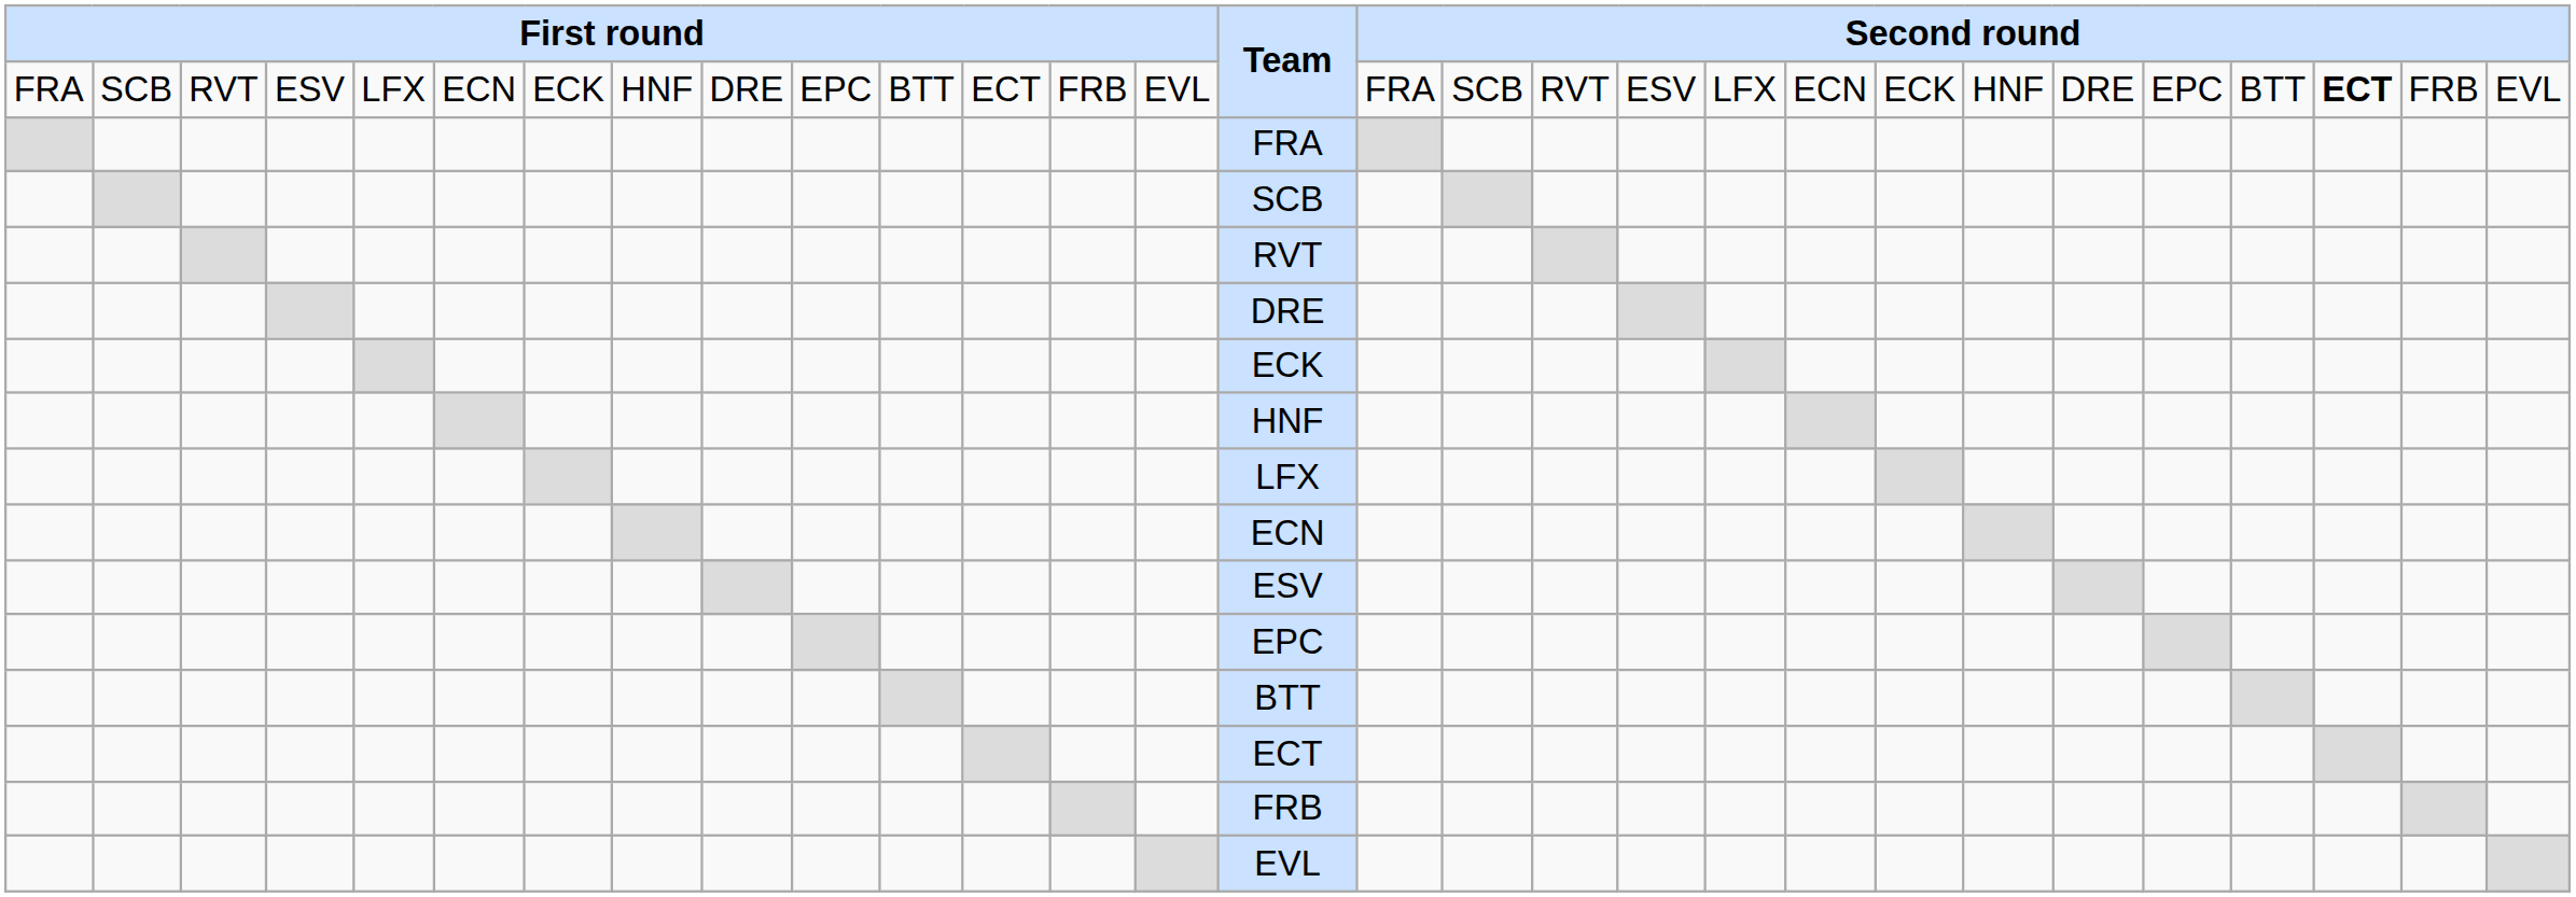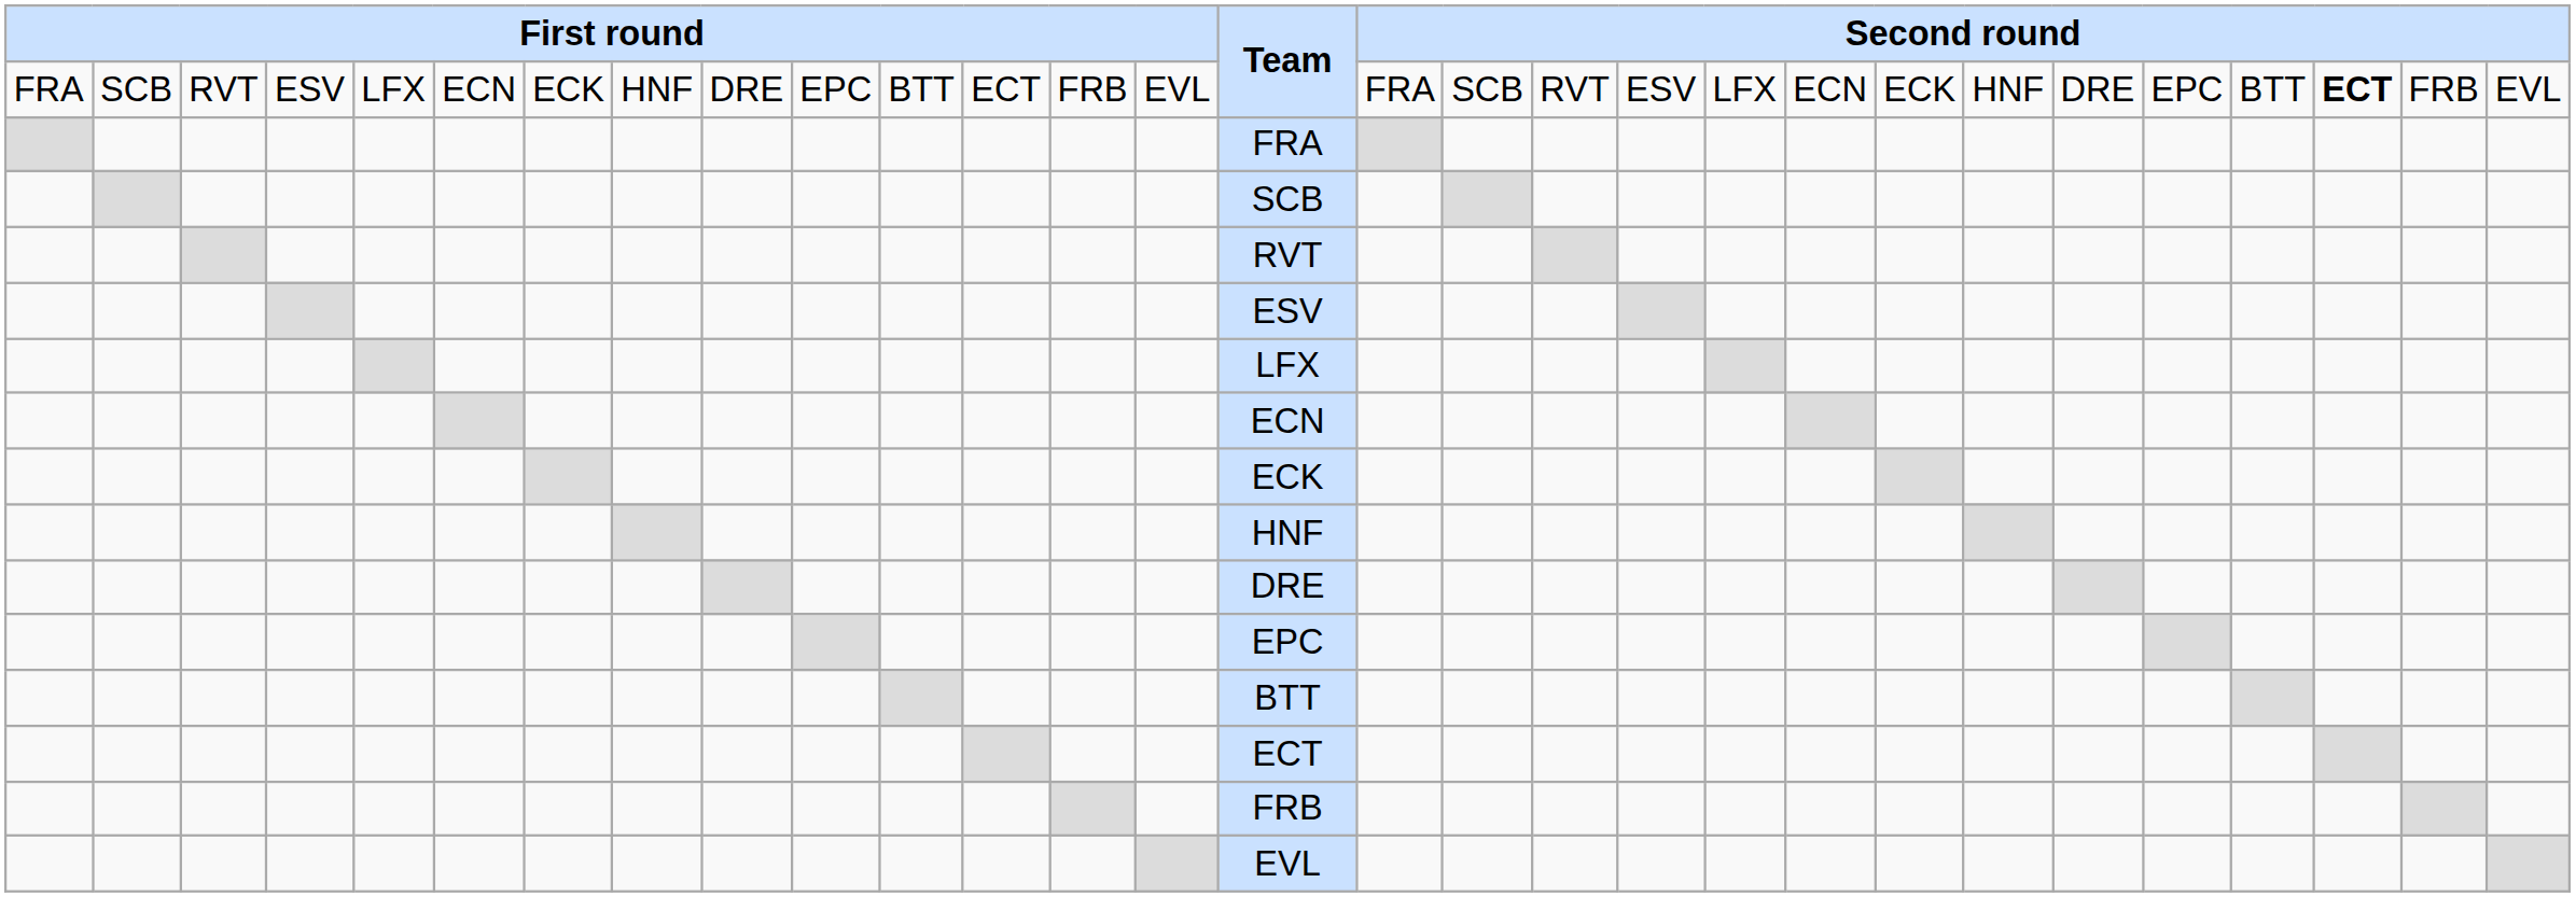 <table class="wikitable" style="text-align:center; font-size:90%;">
 <tr style="background:#CAE1FF">
 <td colspan="14" style="width:300px"><strong>First round</strong></td>
 <td style="width:50px" rowspan=2><strong>Team</strong></td>
 <td colspan="14" style="width:300px"><strong>Second round</strong></td>
 </tr>
 <tr>
 <td class="explain" title="Löwen Frankfurt">FRA</td>
 <td class="explain" title="Bietigheim Steelers">SCB</td>
 <td class="explain" title="Ravensburg Towerstars">RVT</td>
 <td class="explain" title="ESV Kaufbeuren">ESV</td>
 <td class="explain" title="Lausitzer Füchse">LFX</td>
 <td class="explain" title="EC Bad Nauheim">ECN</td>
 <td class="explain" title="EC Kassel Huskies">ECK</td>
 <td class="explain" title="Heilbronner Falken">HNF</td>
 <td class="explain" title="Dresdner Eislöwen">DRE</td>
 <td class="explain" title="Eispiraten Crimmitschau">EPC</td>
 <td class="explain" title="Bayreuth Tigers">BTT</td>
 <td class="explain" title="Tölzer Löwen">ECT</td>
 <td class="explain" title="EHC Freiburg">FRB</td>
 <td class="explain" title="EV Landshut">EVL</td>
 <td class="explain" title="Löwen Frankfurt">FRA</td>
 <td class="explain" title="Bietigheim Steelers">SCB</td>
 <td class="explain" title="Ravensburg Towerstars">RVT</td>
 <td class="explain" title="ESV Kaufbeuren">ESV</td>
 <td class="explain" title="Lausitzer Füchse">LFX</td>
 <td class="explain" title="EC Bad Nauheim">ECN</td>
 <td class="explain" title="EC Kassel Huskies">ECK</td>
 <td class="explain" title="Heilbronner Falken">HNF</td>
 <td class="explain" title="Dresdner Eislöwen">DRE</td>
 <td class="explain" title="Eispiraten Crimmitschau">EPC</td>
 <td class="explain" title="Bayreuth Tigers">BTT</td>
 <td class="explain" title="Tölzer Löwen"><strong>ECT</strong></td>
 <td class="explain" title="EHC Freiburg">FRB</td>
 <td class="explain" title="EV Landshut">EVL</td>
 </tr>
 <tr>
 <td style="background:#DCDCDC"></td>
 <td></td>
 <td></td>
 <td></td>
 <td></td>
 <td></td>
 <td></td>
 <td></td>
 <td></td>
 <td></td>
 <td></td>
 <td></td>
 <td></td>
 <td></td>
 <td style="background:#CAE1FF" class="explain" title="Löwen Frankfurt">FRA</td>
 <td style="background:#DCDCDC"></td>
 <td></td>
 <td></td>
 <td></td>
 <td></td>
 <td></td>
 <td></td>
 <td></td>
 <td></td>
 <td></td>
 <td></td>
 <td></td>
 <td></td>
 <td></td>
 </tr>
 <tr>
 <td></td>
 <td style="background:#DCDCDC"></td>
 <td></td>
 <td></td>
 <td></td>
 <td></td>
 <td></td>
 <td></td>
 <td></td>
 <td></td>
 <td></td>
 <td></td>
 <td></td>
 <td></td>
 <td style="background:#CAE1FF" class="explain" title="Bietigheim Steelers">SCB</td>
 <td></td>
 <td style="background:#DCDCDC"></td>
 <td></td>
 <td></td>
 <td></td>
 <td></td>
 <td></td>
 <td></td>
 <td></td>
 <td></td>
 <td></td>
 <td></td>
 <td></td>
 <td></td>
 </tr>
 <tr>
 <td></td>
 <td></td>
 <td style="background:#DCDCDC"></td>
 <td></td>
 <td></td>
 <td></td>
 <td></td>
 <td></td>
 <td></td>
 <td></td>
 <td></td>
 <td></td>
 <td></td>
 <td></td>
 <td style="background:#CAE1FF" class="explain" title="Ravensburg Towerstars">RVT</td>
 <td></td>
 <td></td>
 <td style="background:#DCDCDC"></td>
 <td></td>
 <td></td>
 <td></td>
 <td></td>
 <td></td>
 <td></td>
 <td></td>
 <td></td>
 <td></td>
 <td></td>
 <td></td>
 </tr>
 <tr>
 <td></td>
 <td></td>
 <td></td>
 <td style="background:#DCDCDC"></td>
 <td></td>
 <td></td>
 <td></td>
 <td></td>
 <td></td>
 <td></td>
 <td></td>
 <td></td>
 <td></td>
 <td></td>
-<td style="background:#CAE1FF" class="explain" title="Dresdner Eislöwen">DRE</td>
+<td style="background:#CAE1FF" class="explain" title="ESV Kaufbeuren">ESV</td>
 <td></td>
 <td></td>
 <td></td>
 <td style="background:#DCDCDC"></td>
 <td></td>
 <td></td>
 <td></td>
 <td></td>
 <td></td>
 <td></td>
 <td></td>
 <td></td>
 <td></td>
 <td></td>
 </tr>
 <tr>
 <td></td>
 <td></td>
 <td></td>
 <td></td>
 <td style="background:#DCDCDC"></td>
 <td></td>
 <td></td>
 <td></td>
 <td></td>
 <td></td>
 <td></td>
 <td></td>
 <td></td>
 <td></td>
-<td style="background:#CAE1FF" class="explain" title="EC Kassel Huskies">ECK</td>
+<td style="background:#CAE1FF" class="explain" title="Lausitzer Füchse">LFX</td>
 <td></td>
 <td></td>
 <td></td>
 <td></td>
 <td style="background:#DCDCDC"></td>
 <td></td>
 <td></td>
 <td></td>
 <td></td>
 <td></td>
 <td></td>
 <td></td>
 <td></td>
 <td></td>
 </tr>
 <tr>
 <td></td>
 <td></td>
 <td></td>
 <td></td>
 <td></td>
 <td style="background:#DCDCDC"></td>
 <td></td>
 <td></td>
 <td></td>
 <td></td>
 <td></td>
 <td></td>
 <td></td>
 <td></td>
-<td style="background:#CAE1FF" class="explain" title="Heilbronner Falken">HNF</td>
+<td style="background:#CAE1FF" class="explain" title="EC Bad Nauheim">ECN</td>
 <td></td>
 <td></td>
 <td></td>
 <td></td>
 <td></td>
 <td style="background:#DCDCDC"></td>
 <td></td>
 <td></td>
 <td></td>
 <td></td>
 <td></td>
 <td></td>
 <td></td>
 <td></td>
 </tr>
 <tr>
 <td></td>
 <td></td>
 <td></td>
 <td></td>
 <td></td>
 <td></td>
 <td style="background:#DCDCDC"></td>
 <td></td>
 <td></td>
 <td></td>
 <td></td>
 <td></td>
 <td></td>
 <td></td>
-<td style="background:#CAE1FF" class="explain" title="Lausitzer Füchse">LFX</td>
+<td style="background:#CAE1FF" class="explain" title="EC Kassel Huskies">ECK</td>
 <td></td>
 <td></td>
 <td></td>
 <td></td>
 <td></td>
 <td></td>
 <td style="background:#DCDCDC"></td>
 <td></td>
 <td></td>
 <td></td>
 <td></td>
 <td></td>
 <td></td>
 <td></td>
 </tr>
 <tr>
 <td></td>
 <td></td>
 <td></td>
 <td></td>
 <td></td>
 <td></td>
 <td></td>
 <td style="background:#DCDCDC"></td>
 <td></td>
 <td></td>
 <td></td>
 <td></td>
 <td></td>
 <td></td>
-<td style="background:#CAE1FF" class="explain" title="EC Bad Nauheim">ECN</td>
+<td style="background:#CAE1FF" class="explain" title="Heilbronner Falken">HNF</td>
 <td></td>
 <td></td>
 <td></td>
 <td></td>
 <td></td>
 <td></td>
 <td></td>
 <td style="background:#DCDCDC"></td>
 <td></td>
 <td></td>
 <td></td>
 <td></td>
 <td></td>
 <td></td>
 </tr>
 <tr>
 <td></td>
 <td></td>
 <td></td>
 <td></td>
 <td></td>
 <td></td>
 <td></td>
 <td></td>
 <td style="background:#DCDCDC"></td>
 <td></td>
 <td></td>
 <td></td>
 <td></td>
 <td></td>
-<td style="background:#CAE1FF" class="explain" title="ESV Kaufbeuren">ESV</td>
+<td style="background:#CAE1FF" class="explain" title="Dresdner Eislöwen">DRE</td>
 <td></td>
 <td></td>
 <td></td>
 <td></td>
 <td></td>
 <td></td>
 <td></td>
 <td></td>
 <td style="background:#DCDCDC"></td>
 <td></td>
 <td></td>
 <td></td>
 <td></td>
 <td></td>
 </tr>
 <tr>
 <td></td>
 <td></td>
 <td></td>
 <td></td>
 <td></td>
 <td></td>
 <td></td>
 <td></td>
 <td></td>
 <td style="background:#DCDCDC"></td>
 <td></td>
 <td></td>
 <td></td>
 <td></td>
 <td style="background:#CAE1FF" class="explain" title="Eispiraten Crimmitschau">EPC</td>
 <td></td>
 <td></td>
 <td></td>
 <td></td>
 <td></td>
 <td></td>
 <td></td>
 <td></td>
 <td></td>
 <td style="background:#DCDCDC"></td>
 <td></td>
 <td></td>
 <td></td>
 <td></td>
 </tr>
 <tr>
 <td></td>
 <td></td>
 <td></td>
 <td></td>
 <td></td>
 <td></td>
 <td></td>
 <td></td>
 <td></td>
 <td></td>
 <td style="background:#DCDCDC"></td>
 <td></td>
 <td></td>
 <td></td>
 <td style="background:#CAE1FF" class="explain" title="Bayreuth Tigers">BTT</td>
 <td></td>
 <td></td>
 <td></td>
 <td></td>
 <td></td>
 <td></td>
 <td></td>
 <td></td>
 <td></td>
 <td></td>
 <td style="background:#DCDCDC"></td>
 <td></td>
 <td></td>
 <td></td>
 </tr>
 <tr>
 <td></td>
 <td></td>
 <td></td>
 <td></td>
 <td></td>
 <td></td>
 <td></td>
 <td></td>
 <td></td>
 <td></td>
 <td></td>
 <td style="background:#DCDCDC"></td>
 <td></td>
 <td></td>
 <td style="background:#CAE1FF" class="explain" title="Tölzer Löwen">ECT</td>
 <td></td>
 <td></td>
 <td></td>
 <td></td>
 <td></td>
 <td></td>
 <td></td>
 <td></td>
 <td></td>
 <td></td>
 <td></td>
 <td style="background:#DCDCDC"></td>
 <td></td>
 <td></td>
 </tr>
 <tr>
 <td></td>
 <td></td>
 <td></td>
 <td></td>
 <td></td>
 <td></td>
 <td></td>
 <td></td>
 <td></td>
 <td></td>
 <td></td>
 <td></td>
 <td style="background:#DCDCDC"></td>
 <td></td>
 <td style="background:#CAE1FF" class="explain" title="EHC Freiburg">FRB</td>
 <td></td>
 <td></td>
 <td></td>
 <td></td>
 <td></td>
 <td></td>
 <td></td>
 <td></td>
 <td></td>
 <td></td>
 <td></td>
 <td></td>
 <td style="background:#DCDCDC"></td>
 <td></td>
 </tr>
 <tr>
 <td></td>
 <td></td>
 <td></td>
 <td></td>
 <td></td>
 <td></td>
 <td></td>
 <td></td>
 <td></td>
 <td></td>
 <td></td>
 <td></td>
 <td></td>
 <td style="background:#DCDCDC"></td>
 <td style="background:#CAE1FF" class="explain" title="EV Landshut">EVL</td>
 <td></td>
 <td></td>
 <td></td>
 <td></td>
 <td></td>
 <td></td>
 <td></td>
 <td></td>
 <td></td>
 <td></td>
 <td></td>
 <td></td>
 <td></td>
 <td style="background:#DCDCDC"></td>
 </tr>
 </table>
